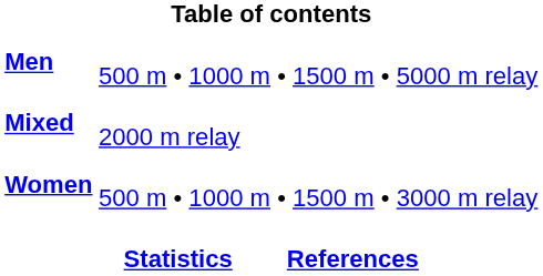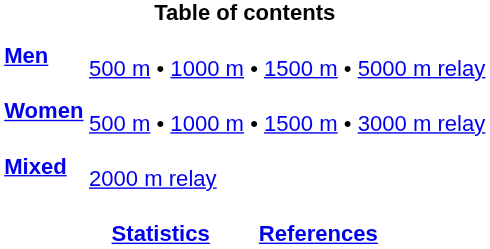 <table class="toc">
 <tr>
 <th colspan=2>Table of contents</th>
 </tr>
 <tr>
 <td width=50px><strong><a href='#'>Men</a></strong></td>
 <td><br><a href='#'>500 m</a> • <a href='#'>1000 m</a> • <a href='#'>1500 m</a> • <a href='#'>5000 m relay</a></td>
 </tr>
 <tr>
+<td><strong><a href='#'>Women</a></strong></td>
+<td><br><a href='#'>500 m</a> • <a href='#'>1000 m</a> • <a href='#'>1500 m</a> • <a href='#'>3000 m relay</a></td>
+</tr>
+<tr>
 <td><strong><a href='#'>Mixed</a></strong></td>
 <td><br><a href='#'>2000 m relay</a></td>
-</tr>
-<tr>
-<td><strong><a href='#'>Women</a></strong></td>
-<td><br><a href='#'>500 m</a> • <a href='#'>1000 m</a> • <a href='#'>1500 m</a> • <a href='#'>3000 m relay</a></td>
 </tr>
 <tr>
 <td colspan=2 align=center><br><strong><a href='#'>Statistics</a></strong>        <strong><a href='#'>References</a></strong></td>
 </tr>
 </table>
